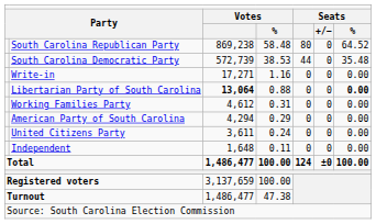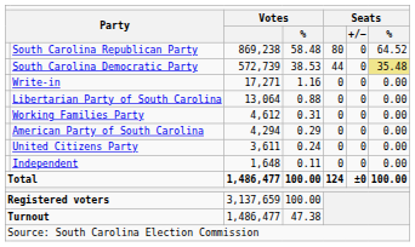 <table class="wikitable">
 <tr>
 <td colspan="7"></td>
 </tr>
 <tr>
 <th colspan="2" rowspan="2">Party</th>
 <th colspan="2">Votes</th>
 <th colspan="3">Seats</th>
 </tr>
 <tr>
 <th></th>
 <th>%</th>
 <th></th>
 <th>+/−</th>
 <th>%</th>
 </tr>
 <tr>
 <td style="background-color:"></td>
 <td><a href='#'>South Carolina Republican Party</a></td>
 <td align="right">869,238</td>
 <td align="right">58.48</td>
 <td align="right">80</td>
 <td align="right">0</td>
 <td align="right">64.52</td>
 </tr>
 <tr>
 <td style="background-color:"></td>
 <td><a href='#'>South Carolina Democratic Party</a></td>
 <td align="right">572,739</td>
 <td align="right">38.53</td>
 <td align="right">44</td>
 <td align="right">0</td>
-<td align="right">35.48</td>
+<td align="right" style="background: khaki;">35.48</td>
 </tr>
 <tr>
 <td style="background-color:"></td>
 <td><a href='#'>Write-in</a></td>
 <td align="right">17,271</td>
 <td align="right">1.16</td>
 <td align="right">0</td>
 <td align="right">0</td>
 <td align="right">0.00</td>
 </tr>
 <tr>
 <td style="background-color:"></td>
 <td><a href='#'>Libertarian Party of South Carolina</a></td>
-<td align="right"><strong>13,064</strong></td>
+<td align="right">13,064</td>
 <td align="right">0.88</td>
 <td align="right">0</td>
 <td align="right">0</td>
-<td align="right"><strong>0.00</strong></td>
+<td align="right">0.00</td>
 </tr>
 <tr>
 <td style="background-color:"></td>
 <td><a href='#'>Working Families Party</a></td>
 <td align="right">4,612</td>
 <td align="right">0.31</td>
 <td align="right">0</td>
 <td align="right">0</td>
 <td align="right">0.00</td>
 </tr>
 <tr>
 <td style="background-color:"></td>
 <td><a href='#'>American Party of South Carolina</a></td>
 <td align="right">4,294</td>
 <td align="right">0.29</td>
 <td align="right">0</td>
 <td align="right">0</td>
 <td align="right">0.00</td>
 </tr>
 <tr>
 <td style="background-color:"></td>
 <td><a href='#'>United Citizens Party</a></td>
 <td align="right">3,611</td>
 <td align="right">0.24</td>
 <td align="right">0</td>
 <td align="right">0</td>
 <td align="right">0.00</td>
 </tr>
 <tr>
 <td style="background-color:"></td>
 <td><a href='#'>Independent</a></td>
 <td align="right">1,648</td>
 <td align="right">0.11</td>
 <td align="right">0</td>
 <td align="right">0</td>
 <td align="right">0.00</td>
 </tr>
 <tr>
 <td colspan="2"><strong>Total</strong></td>
 <td align="right"><strong>1,486,477</strong></td>
 <td align="right"><strong>100.00</strong></td>
 <td align="right"><strong>124</strong></td>
 <td align="right"><strong>±0</strong></td>
 <td align="right"><strong>100.00</strong></td>
 </tr>
 <tr>
 <th colspan="7"></th>
 </tr>
 <tr>
 <td colspan="2"><strong>Registered voters</strong></td>
 <td>3,137,659</td>
 <td>100.00</td>
 <th colspan="3" rowspan="2"></th>
 </tr>
 <tr>
 <td colspan="2"><strong>Turnout</strong></td>
 <td align="right">1,486,477</td>
 <td align="right">47.38</td>
 </tr>
 <tr>
 <td colspan="7">Source: South Carolina Election Commission</td>
 </tr>
 </table>
